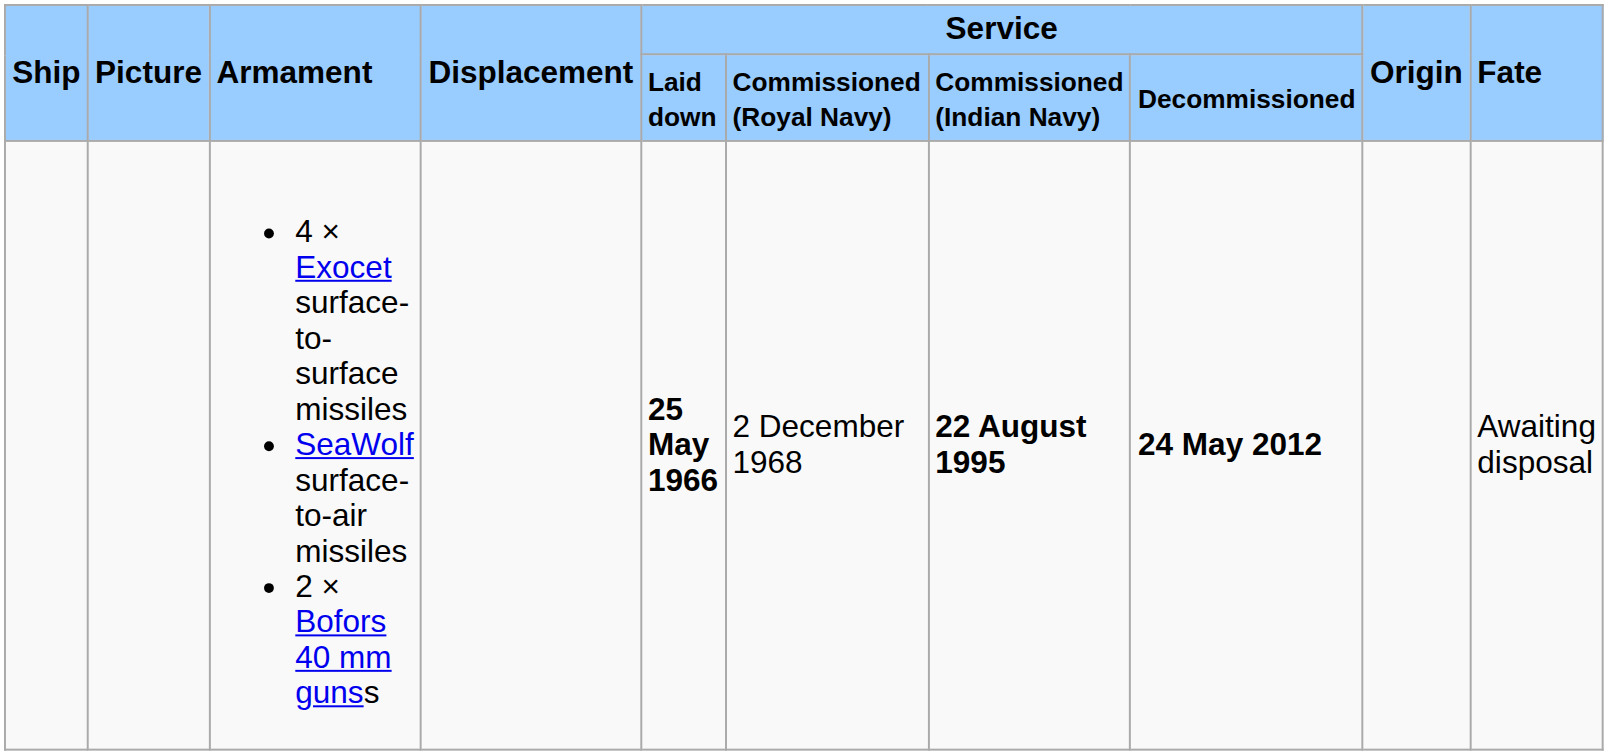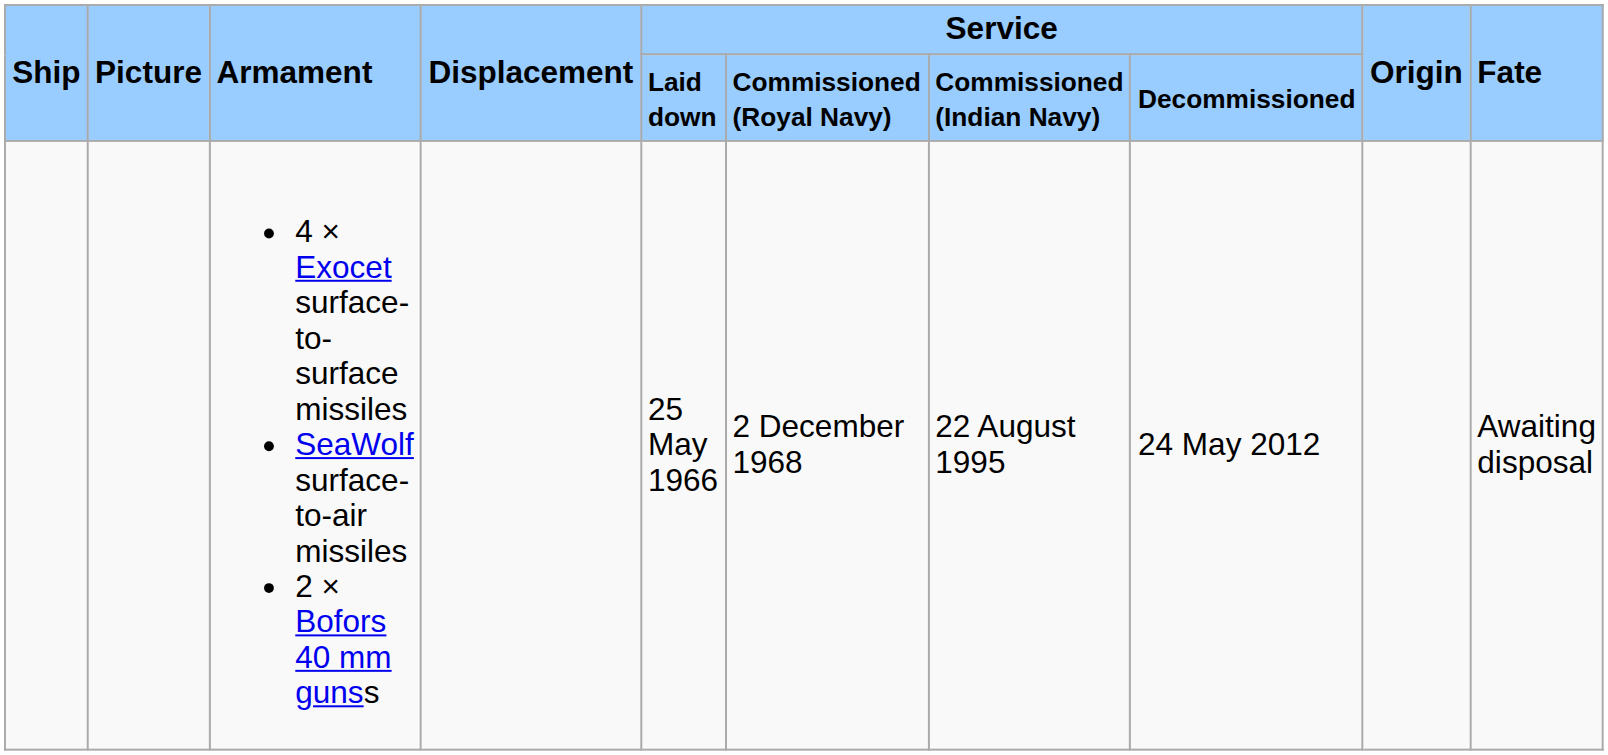 <table class="wikitable">
 <tr>
 <th align= center scope=col rowspan=2 style="text-align:left; background:#9cf;"><div>Ship</div></th>
 <th align= center scope=col rowspan=2 style="text-align:left; background:#9cf;"><div>Picture</div></th>
 <th align= center scope=col rowspan=2 style="text-align:left; background:#9cf;"><div>Armament</div></th>
 <th align= center scope=col rowspan=2 style="text-align:left; width:12%; background:#9cf;"><div>Displacement</div></th>
 <th align= center scope=col colspan=4 style="text-align:center; background:#9cf;"><div>Service</div></th>
 <th align= center scope=col rowspan=2 style="text-align:left; background:#9cf;"><div>Origin</div></th>
 <th align= center scope=col rowspan=2 style="text-align:left; background:#9cf;"><div>Fate</div></th>
 </tr>
 <tr>
 <th align= center scope=col style="text-align:left; background:#9cf;"><small>Laid down</small></th>
 <th align= center scope=col style="text-align:left; background:#9cf;"><small>Commissioned<br>(Royal Navy)</small></th>
 <th align= center scope=col style="text-align:left; background:#9cf;"><small>Commissioned<br>(Indian Navy)</small></th>
 <th align= center scope=col style="text-align:left; background:#9cf;"><small>Decommissioned</small></th>
 </tr>
 <tr>
 <td></td>
 <td></td>
 <td><br><ul><li>4 × <a href='#'>Exocet</a> surface-to-surface missiles</li><li><a href='#'>SeaWolf</a> surface-to-air missiles</li><li>2 × <a href='#'>Bofors 40 mm guns</a>s</li></ul></td>
 <td></td>
-<td><strong>25 May 1966</strong></td>
+<td>25 May 1966</td>
 <td>2 December 1968</td>
-<td><strong>22 August 1995</strong></td>
-<td><strong>24 May 2012</strong></td>
+<td>22 August 1995</td>
+<td>24 May 2012</td>
 <td></td>
 <td>Awaiting disposal</td>
 </tr>
 </table>
